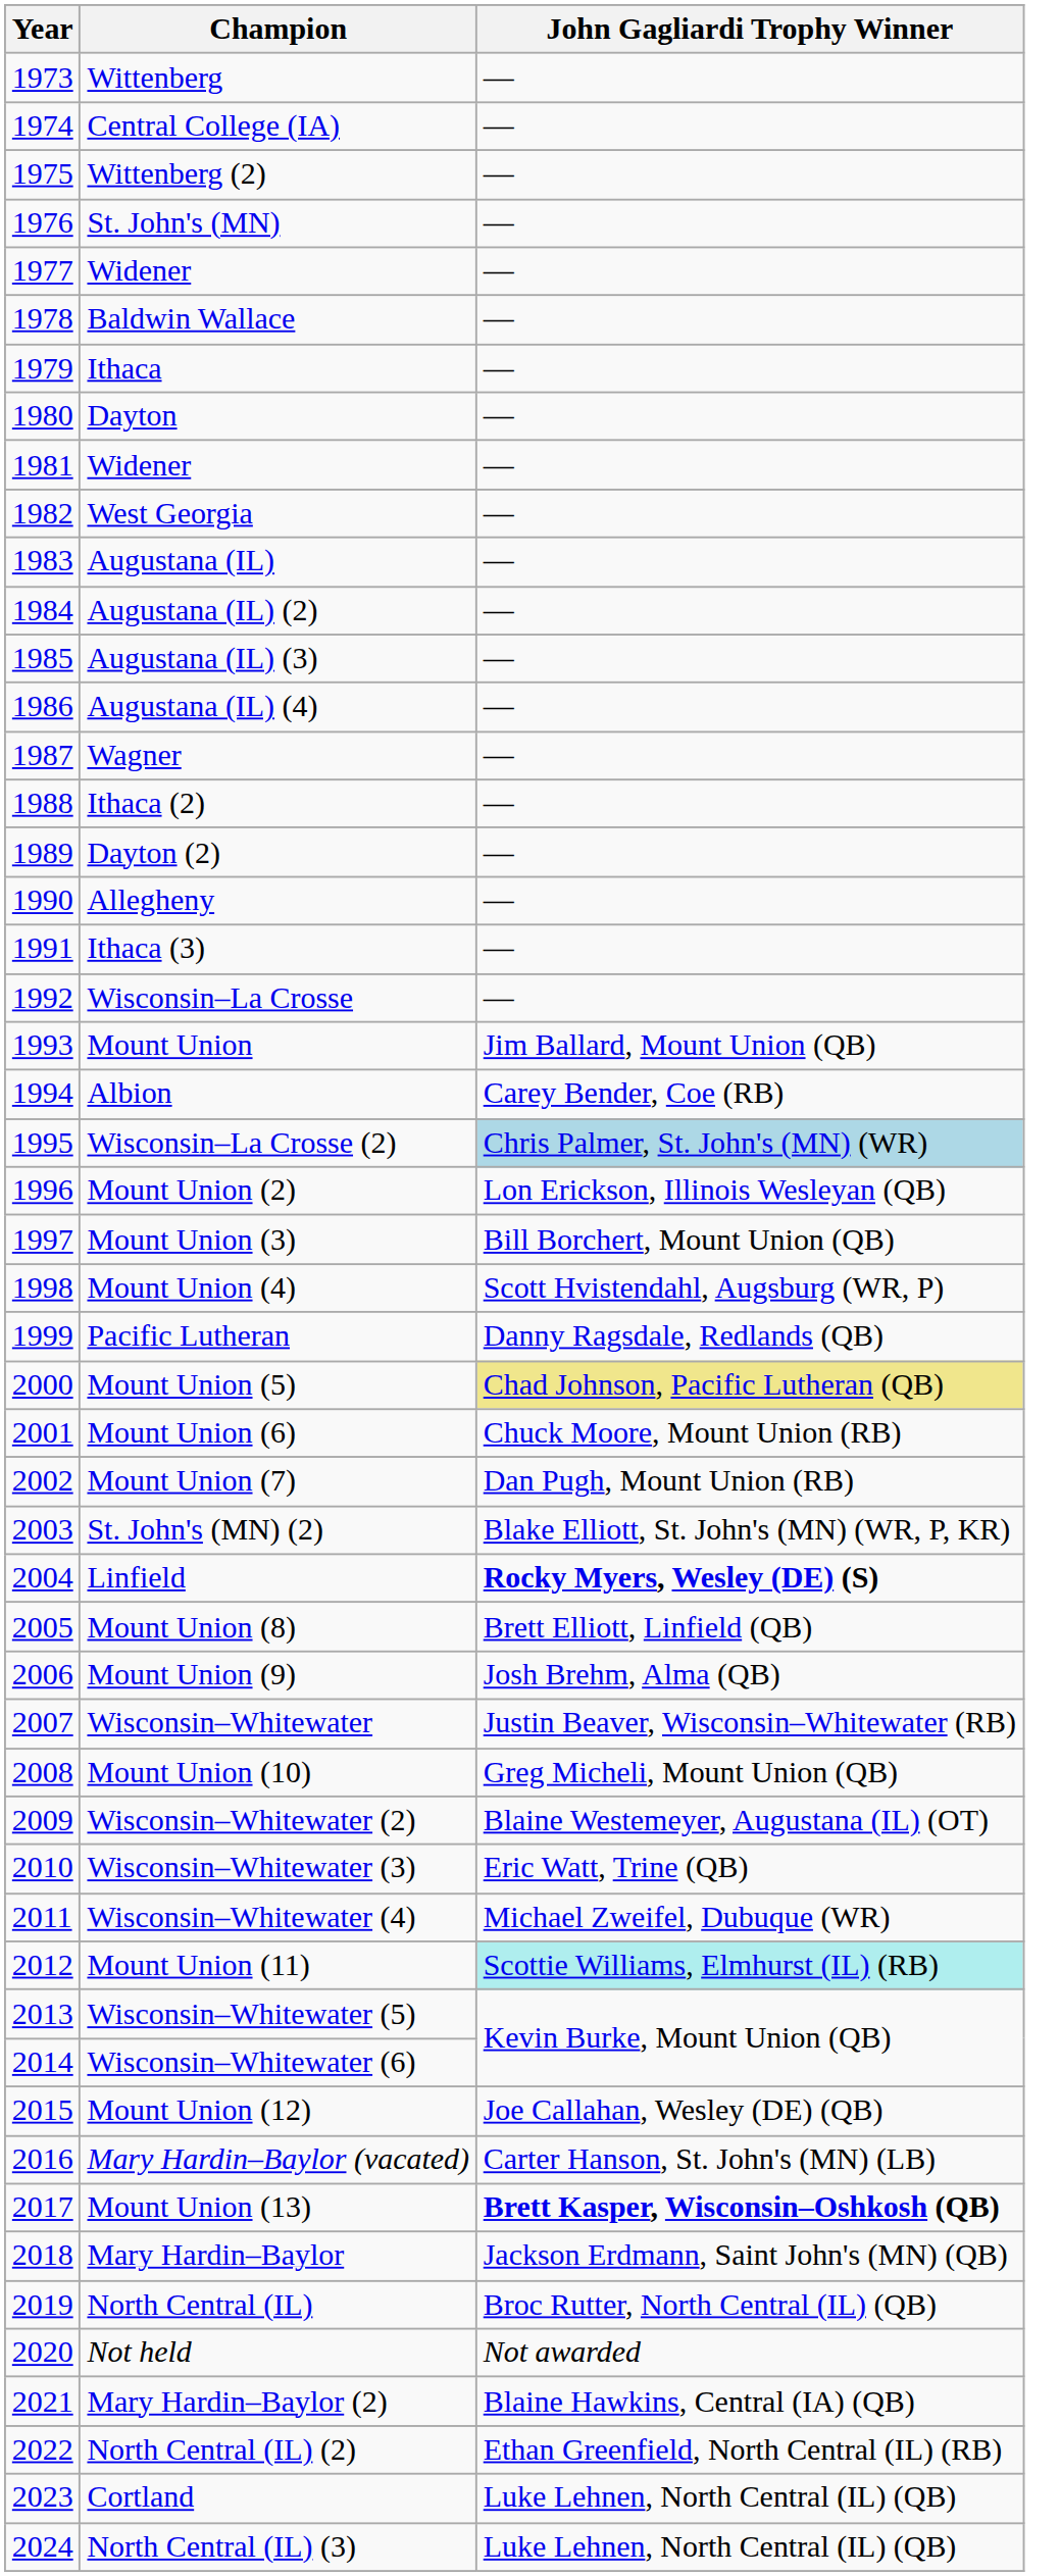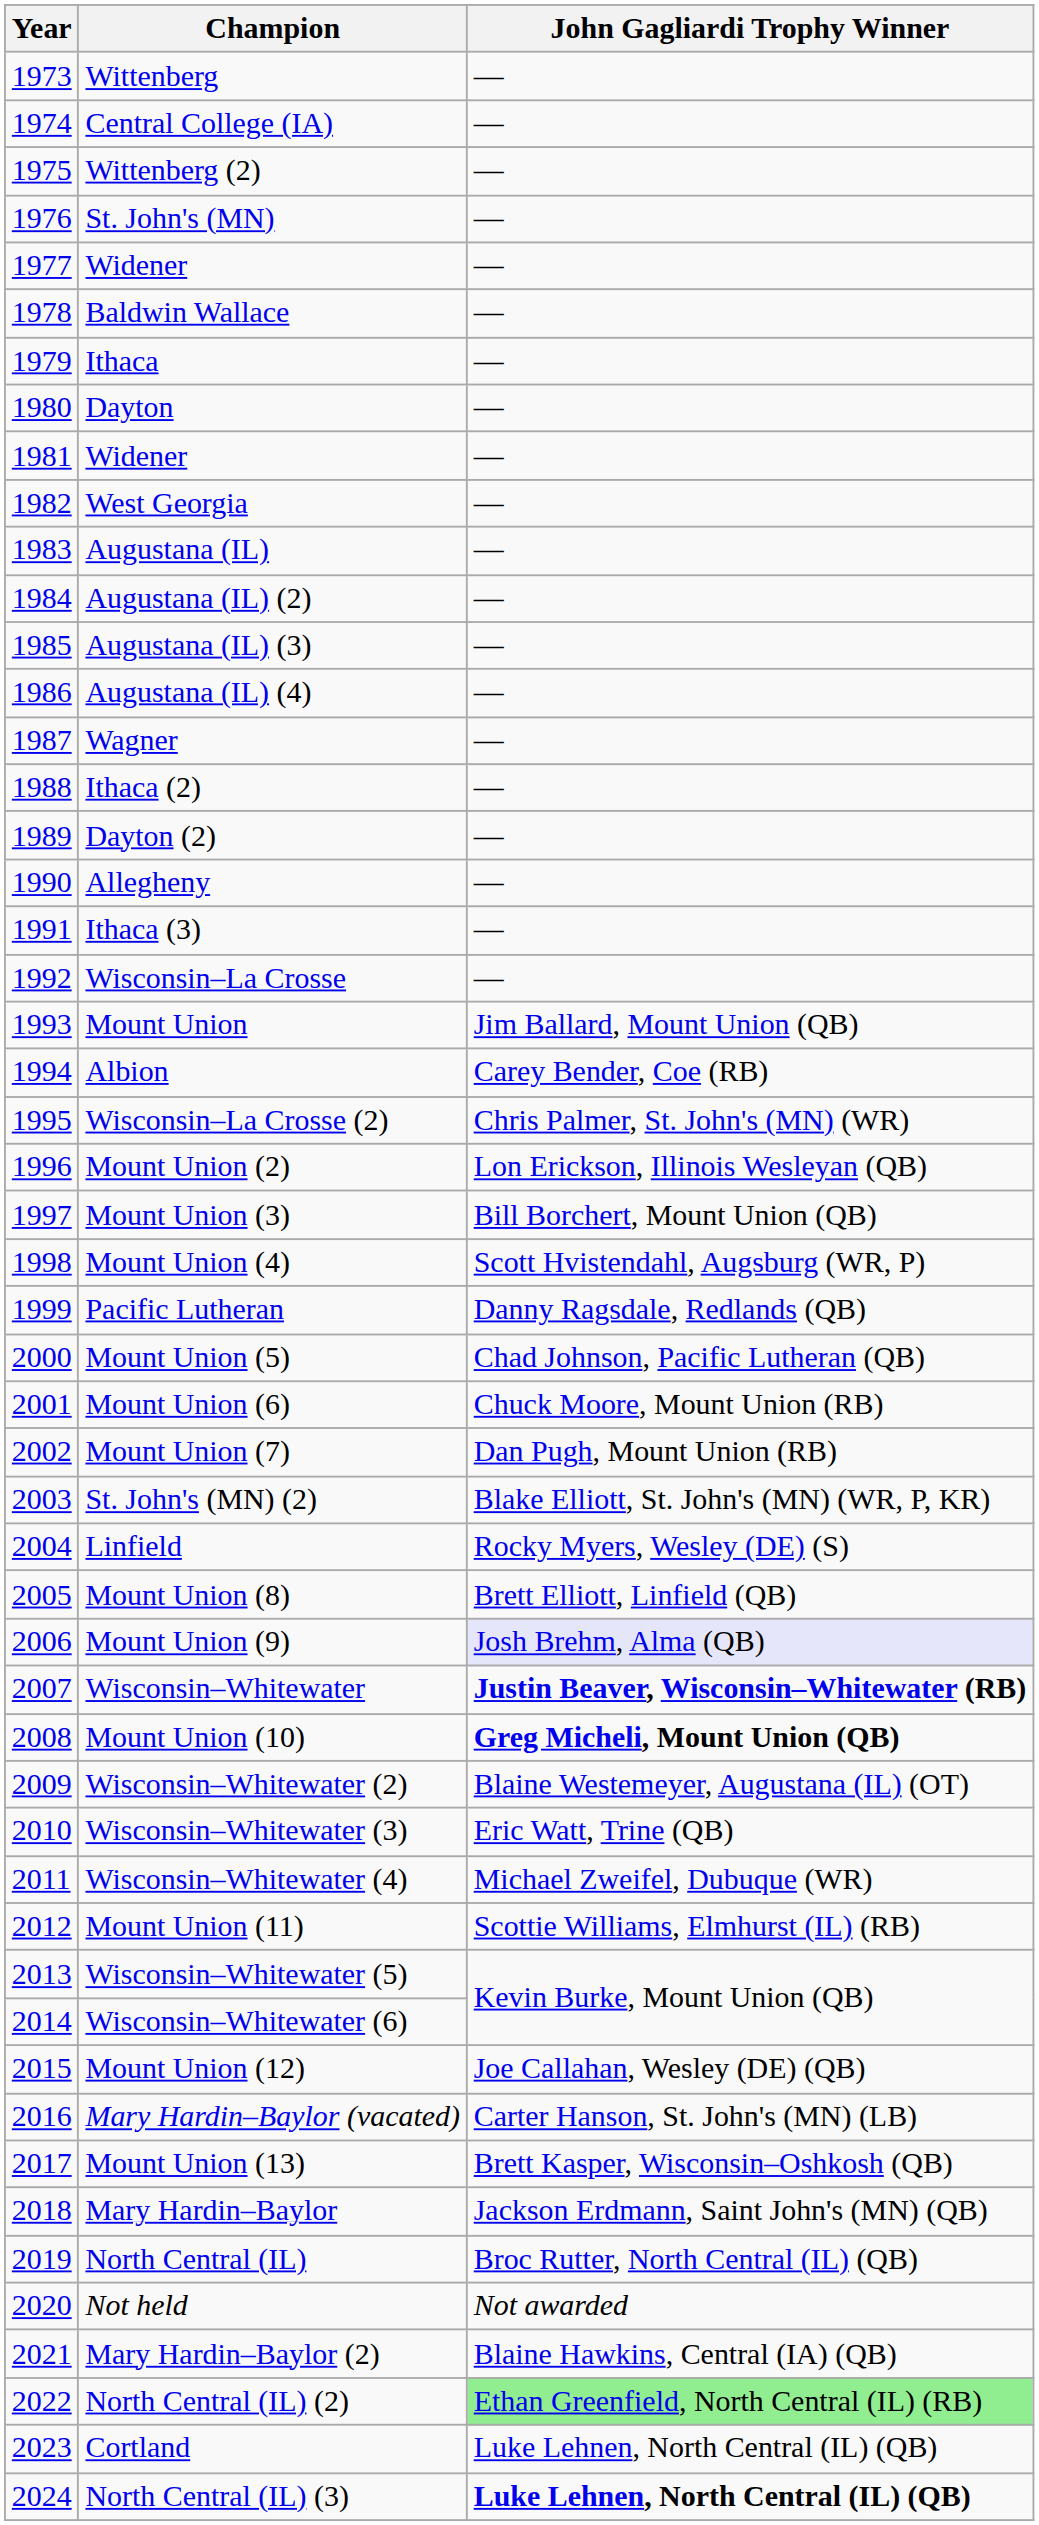 <table class="wikitable">
 <tr>
 <th>Year</th>
 <th>Champion</th>
 <th>John Gagliardi Trophy Winner</th>
 </tr>
 <tr>
 <td><a href='#'>1973</a></td>
 <td><a href='#'>Wittenberg</a></td>
 <td>—</td>
 </tr>
 <tr>
 <td><a href='#'>1974</a></td>
 <td><a href='#'>Central College (IA)</a></td>
 <td>—</td>
 </tr>
 <tr>
 <td><a href='#'>1975</a></td>
 <td><a href='#'>Wittenberg</a> (2)</td>
 <td>—</td>
 </tr>
 <tr>
 <td><a href='#'>1976</a></td>
 <td><a href='#'>St. John's (MN)</a></td>
 <td>—</td>
 </tr>
 <tr>
 <td><a href='#'>1977</a></td>
 <td><a href='#'>Widener</a></td>
 <td>—</td>
 </tr>
 <tr>
 <td><a href='#'>1978</a></td>
 <td><a href='#'>Baldwin Wallace</a></td>
 <td>—</td>
 </tr>
 <tr>
 <td><a href='#'>1979</a></td>
 <td><a href='#'>Ithaca</a></td>
 <td>—</td>
 </tr>
 <tr>
 <td><a href='#'>1980</a></td>
 <td><a href='#'>Dayton</a></td>
 <td>—</td>
 </tr>
 <tr>
 <td><a href='#'>1981</a></td>
 <td><a href='#'>Widener</a></td>
 <td>—</td>
 </tr>
 <tr>
 <td><a href='#'>1982</a></td>
 <td><a href='#'>West Georgia</a></td>
 <td>—</td>
 </tr>
 <tr>
 <td><a href='#'>1983</a></td>
 <td><a href='#'>Augustana (IL)</a></td>
 <td>—</td>
 </tr>
 <tr>
 <td><a href='#'>1984</a></td>
 <td><a href='#'>Augustana (IL)</a> (2)</td>
 <td>—</td>
 </tr>
 <tr>
 <td><a href='#'>1985</a></td>
 <td><a href='#'>Augustana (IL)</a> (3)</td>
 <td>—</td>
 </tr>
 <tr>
 <td><a href='#'>1986</a></td>
 <td><a href='#'>Augustana (IL)</a> (4)</td>
 <td>—</td>
 </tr>
 <tr>
 <td><a href='#'>1987</a></td>
 <td><a href='#'>Wagner</a></td>
 <td>—</td>
 </tr>
 <tr>
 <td><a href='#'>1988</a></td>
 <td><a href='#'>Ithaca</a> (2)</td>
 <td>—</td>
 </tr>
 <tr>
 <td><a href='#'>1989</a></td>
 <td><a href='#'>Dayton</a> (2)</td>
 <td>—</td>
 </tr>
 <tr>
 <td><a href='#'>1990</a></td>
 <td><a href='#'>Allegheny</a></td>
 <td>—</td>
 </tr>
 <tr>
 <td><a href='#'>1991</a></td>
 <td><a href='#'>Ithaca</a> (3)</td>
 <td>—</td>
 </tr>
 <tr>
 <td><a href='#'>1992</a></td>
 <td><a href='#'>Wisconsin–La Crosse</a></td>
 <td>—</td>
 </tr>
 <tr>
 <td><a href='#'>1993</a></td>
 <td><a href='#'>Mount Union</a></td>
 <td><a href='#'>Jim Ballard</a>, <a href='#'>Mount Union</a> (QB)</td>
 </tr>
 <tr>
 <td><a href='#'>1994</a></td>
 <td><a href='#'>Albion</a></td>
 <td><a href='#'>Carey Bender</a>, <a href='#'>Coe</a> (RB)</td>
 </tr>
 <tr>
 <td><a href='#'>1995</a></td>
 <td><a href='#'>Wisconsin–La Crosse</a> (2)</td>
-<td style="background: lightblue;"><a href='#'>Chris Palmer</a>, <a href='#'>St. John's (MN)</a> (WR)</td>
+<td><a href='#'>Chris Palmer</a>, <a href='#'>St. John's (MN)</a> (WR)</td>
 </tr>
 <tr>
 <td><a href='#'>1996</a></td>
 <td><a href='#'>Mount Union</a> (2)</td>
 <td><a href='#'>Lon Erickson</a>, <a href='#'>Illinois Wesleyan</a> (QB)</td>
 </tr>
 <tr>
 <td><a href='#'>1997</a></td>
 <td><a href='#'>Mount Union</a> (3)</td>
 <td><a href='#'>Bill Borchert</a>, Mount Union (QB)</td>
 </tr>
 <tr>
 <td><a href='#'>1998</a></td>
 <td><a href='#'>Mount Union</a> (4)</td>
 <td><a href='#'>Scott Hvistendahl</a>, <a href='#'>Augsburg</a> (WR, P)</td>
 </tr>
 <tr>
 <td><a href='#'>1999</a></td>
 <td><a href='#'>Pacific Lutheran</a></td>
 <td><a href='#'>Danny Ragsdale</a>, <a href='#'>Redlands</a> (QB)</td>
 </tr>
 <tr>
 <td><a href='#'>2000</a></td>
 <td><a href='#'>Mount Union</a> (5)</td>
-<td style="background: khaki;"><a href='#'>Chad Johnson</a>, <a href='#'>Pacific Lutheran</a> (QB)</td>
+<td><a href='#'>Chad Johnson</a>, <a href='#'>Pacific Lutheran</a> (QB)</td>
 </tr>
 <tr>
 <td><a href='#'>2001</a></td>
 <td><a href='#'>Mount Union</a> (6)</td>
 <td><a href='#'>Chuck Moore</a>, Mount Union (RB)</td>
 </tr>
 <tr>
 <td><a href='#'>2002</a></td>
 <td><a href='#'>Mount Union</a> (7)</td>
 <td><a href='#'>Dan Pugh</a>, Mount Union (RB)</td>
 </tr>
 <tr>
 <td><a href='#'>2003</a></td>
 <td><a href='#'>St. John's</a> (MN) (2)</td>
 <td><a href='#'>Blake Elliott</a>, St. John's (MN) (WR, P, KR)</td>
 </tr>
 <tr>
 <td><a href='#'>2004</a></td>
 <td><a href='#'>Linfield</a></td>
-<td><strong><a href='#'>Rocky Myers</a>, <a href='#'>Wesley (DE)</a> (S)</strong></td>
+<td><a href='#'>Rocky Myers</a>, <a href='#'>Wesley (DE)</a> (S)</td>
 </tr>
 <tr>
 <td><a href='#'>2005</a></td>
 <td><a href='#'>Mount Union</a> (8)</td>
 <td><a href='#'>Brett Elliott</a>, <a href='#'>Linfield</a> (QB)</td>
 </tr>
 <tr>
 <td><a href='#'>2006</a></td>
 <td><a href='#'>Mount Union</a> (9)</td>
-<td><a href='#'>Josh Brehm</a>, <a href='#'>Alma</a> (QB)</td>
+<td style="background: lavender;"><a href='#'>Josh Brehm</a>, <a href='#'>Alma</a> (QB)</td>
 </tr>
 <tr>
 <td><a href='#'>2007</a></td>
 <td><a href='#'>Wisconsin–Whitewater</a></td>
-<td><a href='#'>Justin Beaver</a>, <a href='#'>Wisconsin–Whitewater</a> (RB)</td>
+<td><strong><a href='#'>Justin Beaver</a>, <a href='#'>Wisconsin–Whitewater</a> (RB)</strong></td>
 </tr>
 <tr>
 <td><a href='#'>2008</a></td>
 <td><a href='#'>Mount Union</a> (10)</td>
-<td><a href='#'>Greg Micheli</a>, Mount Union (QB)</td>
+<td><strong><a href='#'>Greg Micheli</a>, Mount Union (QB)</strong></td>
 </tr>
 <tr>
 <td><a href='#'>2009</a></td>
 <td><a href='#'>Wisconsin–Whitewater</a> (2)</td>
 <td><a href='#'>Blaine Westemeyer</a>, <a href='#'>Augustana (IL)</a> (OT)</td>
 </tr>
 <tr>
 <td><a href='#'>2010</a></td>
 <td><a href='#'>Wisconsin–Whitewater</a> (3)</td>
 <td><a href='#'>Eric Watt</a>, <a href='#'>Trine</a> (QB)</td>
 </tr>
 <tr>
 <td><a href='#'>2011</a></td>
 <td><a href='#'>Wisconsin–Whitewater</a> (4)</td>
 <td><a href='#'>Michael Zweifel</a>, <a href='#'>Dubuque</a> (WR)</td>
 </tr>
 <tr>
 <td><a href='#'>2012</a></td>
 <td><a href='#'>Mount Union</a> (11)</td>
-<td style="background: paleturquoise;"><a href='#'>Scottie Williams</a>, <a href='#'>Elmhurst (IL)</a> (RB)</td>
+<td><a href='#'>Scottie Williams</a>, <a href='#'>Elmhurst (IL)</a> (RB)</td>
 </tr>
 <tr>
 <td><a href='#'>2013</a></td>
 <td><a href='#'>Wisconsin–Whitewater</a> (5)</td>
 <td rowspan="2"><a href='#'>Kevin Burke</a>, Mount Union (QB)</td>
 </tr>
 <tr>
 <td><a href='#'>2014</a></td>
 <td><a href='#'>Wisconsin–Whitewater</a> (6)</td>
 </tr>
 <tr>
 <td><a href='#'>2015</a></td>
 <td><a href='#'>Mount Union</a> (12)</td>
 <td><a href='#'>Joe Callahan</a>, Wesley (DE) (QB)</td>
 </tr>
 <tr>
 <td><a href='#'>2016</a></td>
 <td><em><a href='#'>Mary Hardin–Baylor</a> (vacated)</em></td>
 <td><a href='#'>Carter Hanson</a>, St. John's (MN) (LB)</td>
 </tr>
 <tr>
 <td><a href='#'>2017</a></td>
 <td><a href='#'>Mount Union</a> (13)</td>
-<td><strong><a href='#'>Brett Kasper</a>, <a href='#'>Wisconsin–Oshkosh</a> (QB)</strong></td>
+<td><a href='#'>Brett Kasper</a>, <a href='#'>Wisconsin–Oshkosh</a> (QB)</td>
 </tr>
 <tr>
 <td><a href='#'>2018</a></td>
 <td><a href='#'>Mary Hardin–Baylor</a></td>
 <td><a href='#'>Jackson Erdmann</a>, Saint John's (MN) (QB)</td>
 </tr>
 <tr>
 <td><a href='#'>2019</a></td>
 <td><a href='#'>North Central (IL)</a></td>
 <td><a href='#'>Broc Rutter</a>, <a href='#'>North Central (IL)</a> (QB)</td>
 </tr>
 <tr>
 <td><a href='#'>2020</a></td>
 <td><em>Not held</em></td>
 <td><em>Not awarded</em></td>
 </tr>
 <tr>
 <td><a href='#'>2021</a></td>
 <td><a href='#'>Mary Hardin–Baylor</a> (2)</td>
 <td><a href='#'>Blaine Hawkins</a>, Central (IA) (QB)</td>
 </tr>
 <tr>
 <td><a href='#'>2022</a></td>
 <td><a href='#'>North Central (IL)</a> (2)</td>
-<td><a href='#'>Ethan Greenfield</a>, North Central (IL) (RB)</td>
+<td style="background: lightgreen;"><a href='#'>Ethan Greenfield</a>, North Central (IL) (RB)</td>
 </tr>
 <tr>
 <td><a href='#'>2023</a></td>
 <td><a href='#'>Cortland</a></td>
 <td><a href='#'>Luke Lehnen</a>, North Central (IL) (QB)</td>
 </tr>
 <tr>
 <td><a href='#'>2024</a></td>
 <td><a href='#'>North Central (IL)</a> (3)</td>
-<td><a href='#'>Luke Lehnen</a>, North Central (IL) (QB)</td>
+<td><strong><a href='#'>Luke Lehnen</a>, North Central (IL) (QB)</strong></td>
 </tr>
 </table>
